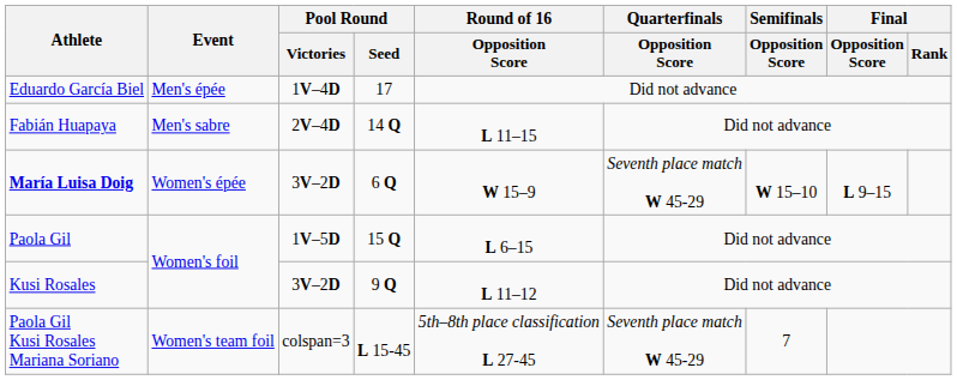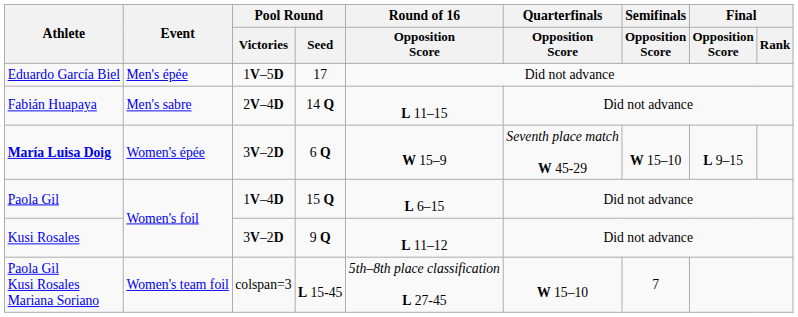 <table class=wikitable style="font-size:90%;text-align:center">
 <tr>
 <th rowspan="2">Athlete</th>
 <th rowspan="2">Event</th>
 <th colspan=2>Pool Round</th>
 <th>Round of 16</th>
 <th>Quarterfinals</th>
 <th>Semifinals</th>
 <th colspan=2>Final</th>
 </tr>
 <tr style="font-size:95%">
 <th>Victories</th>
 <th>Seed</th>
 <th>Opposition<br>Score</th>
 <th>Opposition<br>Score</th>
 <th>Opposition<br>Score</th>
 <th>Opposition<br>Score</th>
 <th>Rank</th>
 </tr>
 <tr>
 <td align=left><a href='#'>Eduardo García Biel⁣</a></td>
 <td align=left><a href='#'>Men's épée</a></td>
-<td>1<strong>V</strong>–4<strong>D</strong></td>
+<td>1<strong>V</strong>–5<strong>D</strong></td>
 <td>17</td>
 <td colspan=5>Did not advance</td>
 </tr>
 <tr>
 <td align=left><a href='#'>Fabián Huapaya</a></td>
 <td align=left><a href='#'>Men's sabre</a></td>
 <td>2<strong>V</strong>–4<strong>D</strong></td>
 <td>14 <strong>Q</strong></td>
 <td><br><strong>L</strong> 11–15</td>
 <td colspan=4>Did not advance</td>
 </tr>
 <tr>
 <td align=left><strong><a href='#'>María Luisa Doig</a></strong></td>
 <td align=left><a href='#'>Women's épée</a></td>
 <td>3<strong>V</strong>–2<strong>D</strong></td>
 <td>6 <strong>Q</strong></td>
 <td><br><strong>W</strong> 15–9</td>
 <td><em>Seventh place match</em><br><br><strong>W</strong> 45-29</td>
 <td><br><strong>W</strong> 15–10</td>
 <td><br><strong>L</strong> 9–15</td>
 <td></td>
 </tr>
 <tr>
 <td align=left><a href='#'>Paola Gil</a></td>
 <td align=left rowspan=2><a href='#'>Women's foil</a></td>
-<td>1<strong>V</strong>–5<strong>D</strong></td>
+<td>1<strong>V</strong>–4<strong>D</strong></td>
 <td>15 <strong>Q</strong></td>
 <td><br><strong>L</strong> 6–15</td>
 <td colspan=4>Did not advance</td>
 </tr>
 <tr>
 <td align=left><a href='#'>Kusi Rosales</a></td>
 <td>3<strong>V</strong>–2<strong>D</strong></td>
 <td>9 <strong>Q</strong></td>
 <td><br><strong>L</strong> 11–12</td>
 <td colspan=4>Did not advance</td>
 </tr>
 <tr>
 <td align=left><a href='#'>Paola Gil</a><br><a href='#'>Kusi Rosales</a><br><a href='#'>Mariana Soriano</a></td>
 <td align=left><a href='#'>Women's team foil</a></td>
 <td>colspan=3 </td>
 <td><br><strong>L</strong> 15-45</td>
 <td><em>5th–8th place classification</em><br><br><strong>L</strong> 27-45</td>
-<td><em>Seventh place match</em><br><br><strong>W</strong> 45-29</td>
+<td><br><strong>W</strong> 15–10</td>
 <td>7</td>
 </tr>
 </table>
